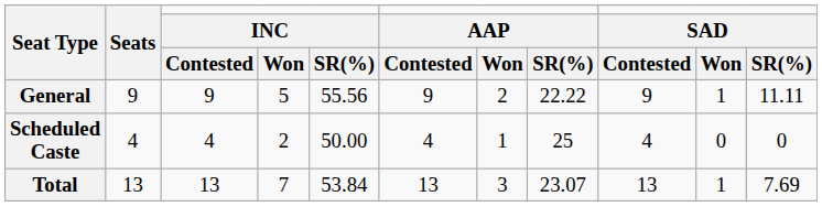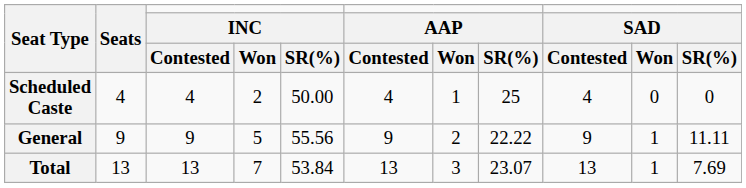 <table class="wikitable" style="text-align:center;">
 <tr>
 <th rowspan="3">Seat Type</th>
 <th rowspan="3">Seats</th>
 <td colspan="3"></td>
 <td colspan="3"></td>
 <td colspan="3"></td>
 </tr>
 <tr>
 <th colspan="3">INC</th>
 <th colspan="3">AAP</th>
 <th colspan="3">SAD</th>
 </tr>
 <tr>
 <th>Contested</th>
 <th>Won</th>
 <th>SR(%)</th>
 <th>Contested</th>
 <th>Won</th>
 <th>SR(%)</th>
 <th>Contested</th>
 <th>Won</th>
 <th>SR(%)</th>
 </tr>
 <tr>
+<th>Scheduled Caste</th>
+<td>4</td>
+<td>4</td>
+<td>2</td>
+<td>50.00</td>
+<td>4</td>
+<td>1</td>
+<td>25</td>
+<td>4</td>
+<td>0</td>
+<td>0</td>
+</tr>
+<tr>
 <th>General</th>
 <td>9</td>
 <td>9</td>
 <td>5</td>
 <td>55.56</td>
 <td>9</td>
 <td>2</td>
 <td>22.22</td>
 <td>9</td>
 <td>1</td>
 <td>11.11</td>
-</tr>
-<tr>
-<th>Scheduled Caste</th>
-<td>4</td>
-<td>4</td>
-<td>2</td>
-<td>50.00</td>
-<td>4</td>
-<td>1</td>
-<td>25</td>
-<td>4</td>
-<td>0</td>
-<td>0</td>
 </tr>
 <tr>
 <th>Total</th>
 <td>13</td>
 <td>13</td>
 <td>7</td>
 <td>53.84</td>
 <td>13</td>
 <td>3</td>
 <td>23.07</td>
 <td>13</td>
 <td>1</td>
 <td>7.69</td>
 </tr>
 </table>
